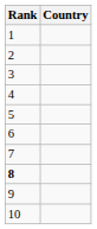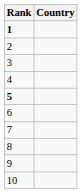 <table class="wikitable">
 <tr>
 <th>Rank</th>
 <th>Country</th>
 </tr>
 <tr>
-<td>1</td>
+<td><strong>1</strong></td>
 <td></td>
 </tr>
 <tr>
 <td>2</td>
 <td></td>
 </tr>
 <tr>
 <td>3</td>
 <td></td>
 </tr>
 <tr>
 <td>4</td>
 <td></td>
 </tr>
 <tr>
-<td>5</td>
+<td><strong>5</strong></td>
 <td></td>
 </tr>
 <tr>
 <td>6</td>
 <td></td>
 </tr>
 <tr>
 <td>7</td>
 <td></td>
 </tr>
 <tr>
-<td><strong>8</strong></td>
+<td>8</td>
 <td></td>
 </tr>
 <tr>
 <td>9</td>
 <td></td>
 </tr>
 <tr>
 <td>10</td>
 <td></td>
 </tr>
 </table>
